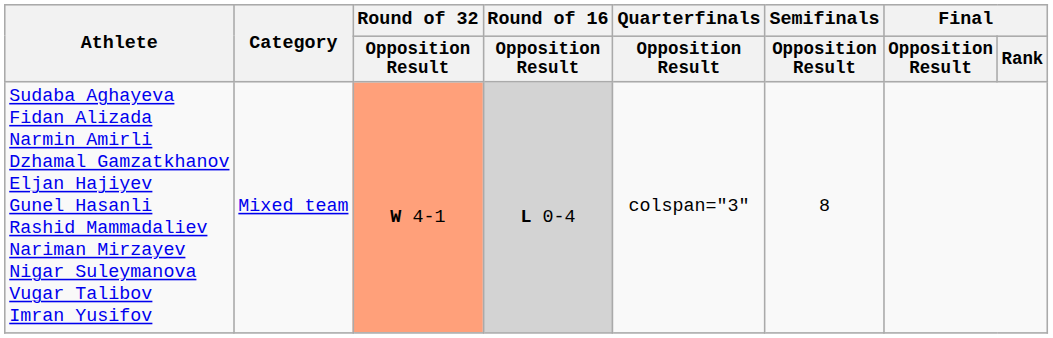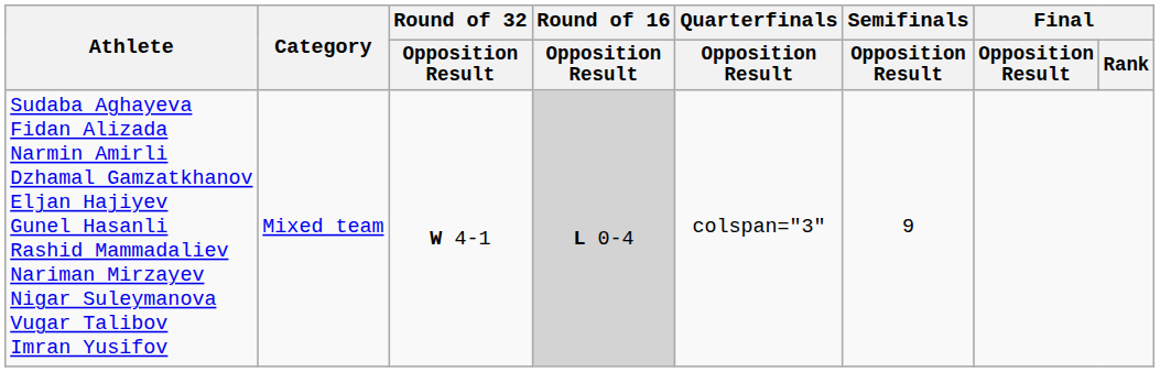 <table class="wikitable" style="text-align:center; font-size:90%">
 <tr>
 <th rowspan="2">Athlete</th>
 <th rowspan="2">Category</th>
 <th>Round of 32</th>
 <th>Round of 16</th>
 <th>Quarterfinals</th>
 <th>Semifinals</th>
 <th colspan="2">Final</th>
 </tr>
 <tr style="font-size:95%">
 <th>Opposition<br>Result</th>
 <th>Opposition<br>Result</th>
 <th>Opposition<br>Result</th>
 <th>Opposition<br>Result</th>
 <th>Opposition<br>Result</th>
 <th>Rank</th>
 </tr>
 <tr>
 <td align="left"><a href='#'>Sudaba Aghayeva</a><br><a href='#'>Fidan Alizada</a><br><a href='#'>Narmin Amirli</a><br><a href='#'>Dzhamal Gamzatkhanov</a><br><a href='#'>Eljan Hajiyev</a><br><a href='#'>Gunel Hasanli</a><br><a href='#'>Rashid Mammadaliev</a><br><a href='#'>Nariman Mirzayev</a><br><a href='#'>Nigar Suleymanova</a><br><a href='#'>Vugar Talibov</a><br><a href='#'>Imran Yusifov</a></td>
 <td align="left"><a href='#'>Mixed team</a></td>
-<td style="background: lightsalmon;"><br><strong>W</strong> 4-1</td>
+<td><br><strong>W</strong> 4-1</td>
 <td style="background: lightgrey;"><br><strong>L</strong> 0-4</td>
 <td>colspan="3" </td>
-<td>8</td>
+<td>9</td>
 </tr>
 </table>
